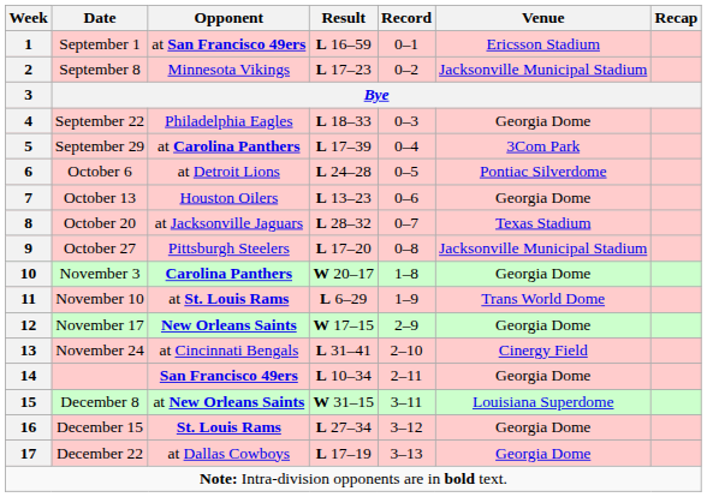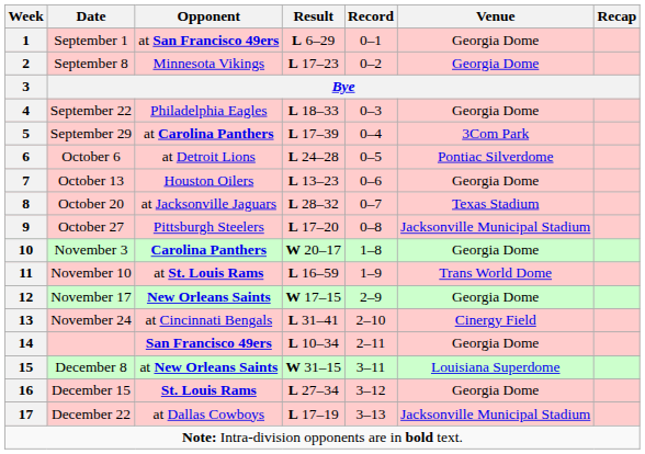 <table class="wikitable" style="text-align:center">
 <tr>
 <th>Week</th>
 <th>Date</th>
 <th>Opponent</th>
 <th>Result</th>
 <th>Record</th>
 <th>Venue</th>
 <th>Recap</th>
 </tr>
 <tr style="background:#fcc">
 <th>1</th>
 <td>September 1</td>
 <td>at <strong><a href='#'>San Francisco 49ers</a></strong></td>
-<td><strong>L</strong> 16–59</td>
+<td><strong>L</strong> 6–29</td>
 <td>0–1</td>
-<td><a href='#'>Ericsson Stadium</a></td>
+<td>Georgia Dome</td>
 <td></td>
 </tr>
 <tr style="background:#fcc">
 <th>2</th>
 <td>September 8</td>
 <td><a href='#'>Minnesota Vikings</a></td>
 <td><strong>L</strong> 17–23</td>
 <td>0–2</td>
-<td><a href='#'>Jacksonville Municipal Stadium</a></td>
+<td><a href='#'>Georgia Dome</a></td>
 <td></td>
 </tr>
 <tr>
 <th>3</th>
 <th colspan=6><em><a href='#'>Bye</a></em></th>
 </tr>
 <tr style="background:#fcc">
 <th>4</th>
 <td>September 22</td>
 <td><a href='#'>Philadelphia Eagles</a></td>
 <td><strong>L</strong> 18–33</td>
 <td>0–3</td>
 <td>Georgia Dome</td>
 <td></td>
 </tr>
 <tr style="background:#fcc">
 <th>5</th>
 <td>September 29</td>
 <td>at <strong><a href='#'>Carolina Panthers</a></strong></td>
 <td><strong>L</strong> 17–39</td>
 <td>0–4</td>
 <td><a href='#'>3Com Park</a></td>
 <td></td>
 </tr>
 <tr style="background:#fcc">
 <th>6</th>
 <td>October 6</td>
 <td>at <a href='#'>Detroit Lions</a></td>
 <td><strong>L</strong> 24–28</td>
 <td>0–5</td>
 <td><a href='#'>Pontiac Silverdome</a></td>
 <td></td>
 </tr>
 <tr style="background:#fcc">
 <th>7</th>
 <td>October 13</td>
 <td><a href='#'>Houston Oilers</a></td>
 <td><strong>L</strong> 13–23</td>
 <td>0–6</td>
 <td>Georgia Dome</td>
 <td></td>
 </tr>
 <tr style="background:#fcc">
 <th>8</th>
 <td>October 20</td>
 <td>at <a href='#'>Jacksonville Jaguars</a></td>
 <td><strong>L</strong> 28–32</td>
 <td>0–7</td>
 <td><a href='#'>Texas Stadium</a></td>
 <td></td>
 </tr>
 <tr style="background:#fcc">
 <th>9</th>
 <td>October 27</td>
 <td><a href='#'>Pittsburgh Steelers</a></td>
 <td><strong>L</strong> 17–20</td>
 <td>0–8</td>
 <td><a href='#'>Jacksonville Municipal Stadium</a></td>
 <td></td>
 </tr>
 <tr style="background:#cfc">
 <th>10</th>
 <td>November 3</td>
 <td><strong><a href='#'>Carolina Panthers</a></strong></td>
 <td><strong>W</strong> 20–17</td>
 <td>1–8</td>
 <td>Georgia Dome</td>
 <td></td>
 </tr>
 <tr style="background:#fcc">
 <th>11</th>
 <td>November 10</td>
 <td>at <strong><a href='#'>St. Louis Rams</a></strong></td>
-<td><strong>L</strong> 6–29</td>
+<td><strong>L</strong> 16–59</td>
 <td>1–9</td>
 <td><a href='#'>Trans World Dome</a></td>
 <td></td>
 </tr>
 <tr style="background:#cfc">
 <th>12</th>
 <td>November 17</td>
 <td><strong><a href='#'>New Orleans Saints</a></strong></td>
 <td><strong>W</strong> 17–15</td>
 <td>2–9</td>
 <td>Georgia Dome</td>
 <td></td>
 </tr>
 <tr style="background:#fcc">
 <th>13</th>
 <td>November 24</td>
 <td>at <a href='#'>Cincinnati Bengals</a></td>
 <td><strong>L</strong> 31–41</td>
 <td>2–10</td>
 <td><a href='#'>Cinergy Field</a></td>
 <td></td>
 </tr>
 <tr style="background:#fcc">
 <th>14</th>
 <td></td>
 <td><strong><a href='#'>San Francisco 49ers</a></strong></td>
 <td><strong>L</strong> 10–34</td>
 <td>2–11</td>
 <td>Georgia Dome</td>
 <td></td>
 </tr>
 <tr style="background:#cfc">
 <th>15</th>
 <td>December 8</td>
 <td>at <strong><a href='#'>New Orleans Saints</a></strong></td>
 <td><strong>W</strong> 31–15</td>
 <td>3–11</td>
 <td><a href='#'>Louisiana Superdome</a></td>
 <td></td>
 </tr>
 <tr style="background:#fcc">
 <th>16</th>
 <td>December 15</td>
 <td><strong><a href='#'>St. Louis Rams</a></strong></td>
 <td><strong>L</strong> 27–34</td>
 <td>3–12</td>
 <td>Georgia Dome</td>
 <td></td>
 </tr>
 <tr style="background:#fcc">
 <th>17</th>
 <td>December 22</td>
 <td>at <a href='#'>Dallas Cowboys</a></td>
 <td><strong>L</strong> 17–19</td>
 <td>3–13</td>
-<td><a href='#'>Georgia Dome</a></td>
+<td><a href='#'>Jacksonville Municipal Stadium</a></td>
 <td></td>
 </tr>
 <tr>
 <td colspan="8"><strong>Note:</strong> Intra-division opponents are in <strong>bold</strong> text.</td>
 </tr>
 </table>
